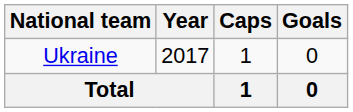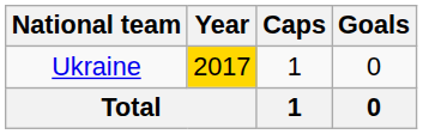 <table class="wikitable" style="text-align: center">
 <tr>
 <th>National team</th>
 <th>Year</th>
 <th>Caps</th>
 <th>Goals</th>
 </tr>
 <tr>
 <td> <a href='#'>Ukraine</a></td>
-<td>2017</td>
+<td style="background: gold;">2017</td>
 <td>1</td>
 <td>0</td>
 </tr>
 <tr>
 <th colspan="2">Total</th>
 <th>1</th>
 <th>0</th>
 </tr>
 </table>
